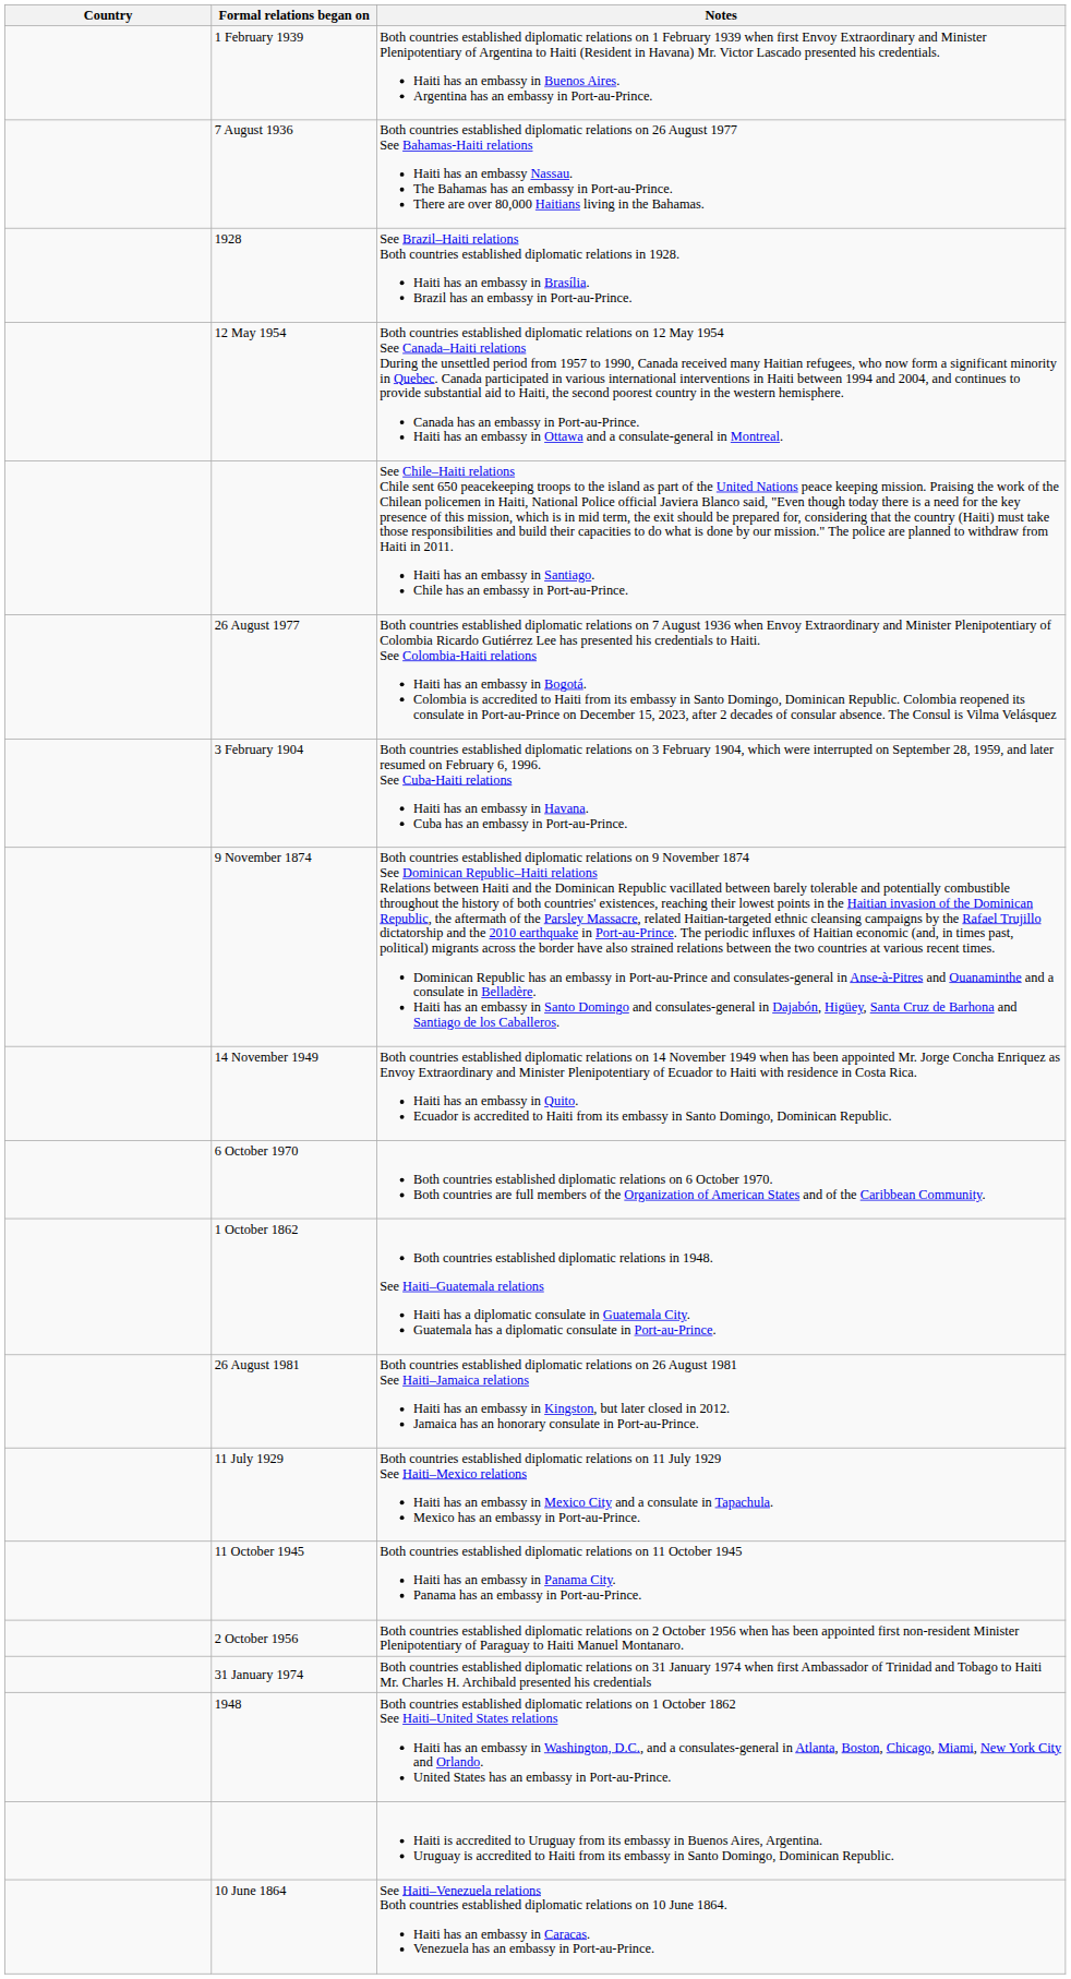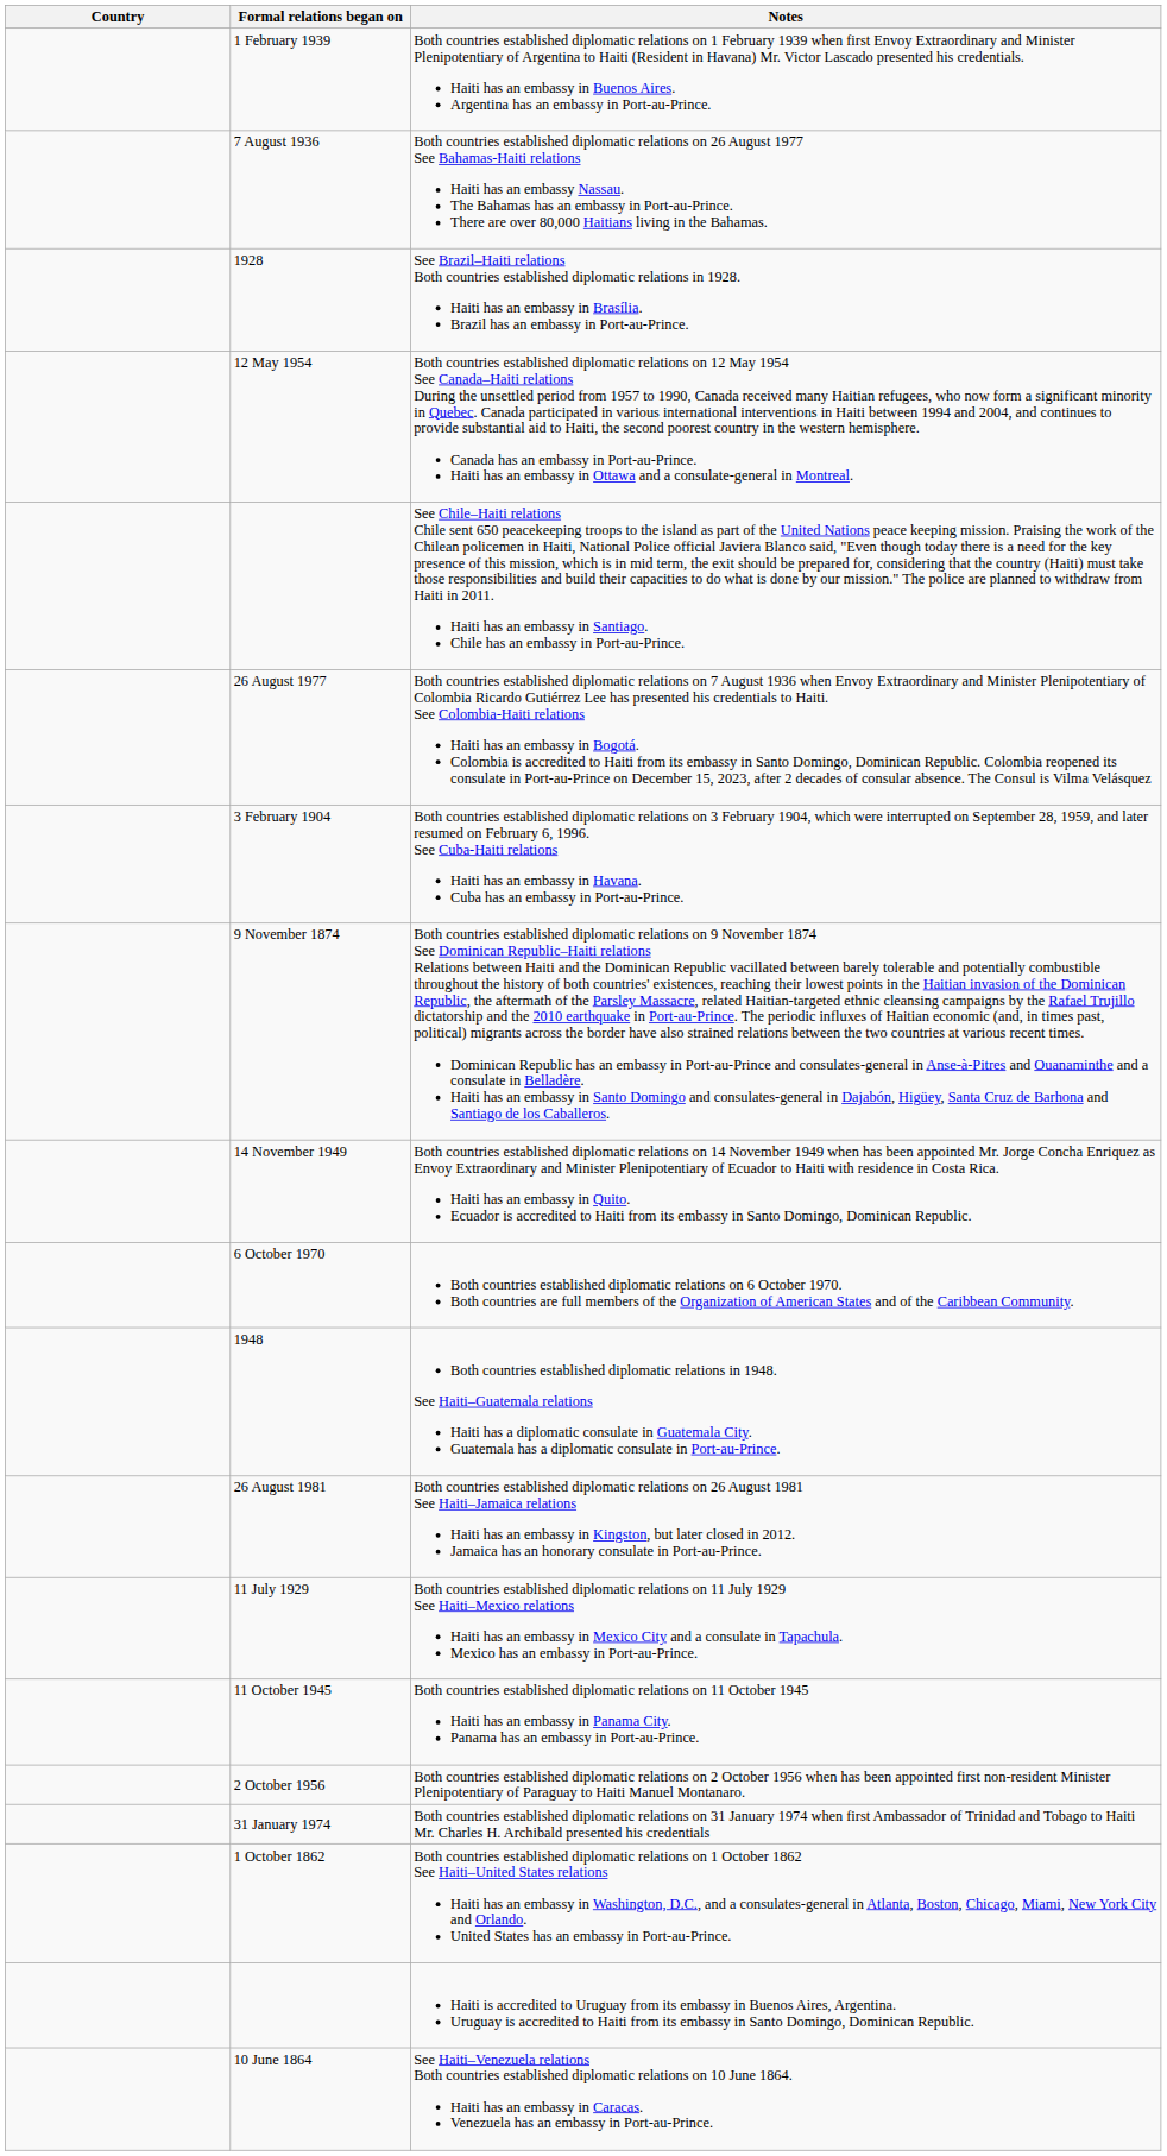 <table class="wikitable sortable" style="width:100%; margin:auto;">
 <tr>
 <th style="width:15%;">Country</th>
 <th style="width:12%;">Formal relations began on</th>
 <th style="width:50%;">Notes</th>
 </tr>
 <tr valign="top">
 <td></td>
 <td>1 February 1939</td>
 <td>Both countries established diplomatic relations on 1 February 1939 when first Envoy Extraordinary and Minister Plenipotentiary of Argentina to Haiti (Resident in Havana) Mr. Victor Lascado presented his credentials.<br><ul><li>Haiti has an embassy in <a href='#'>Buenos Aires</a>.</li><li>Argentina has an embassy in Port-au-Prince.</li></ul></td>
 </tr>
 <tr valign="top">
 <td></td>
 <td>7 August 1936</td>
 <td>Both countries established diplomatic relations on 26 August 1977<br>See <a href='#'>Bahamas-Haiti relations</a><ul><li>Haiti has an embassy <a href='#'>Nassau</a>.</li><li>The Bahamas has an embassy in Port-au-Prince.</li><li>There are over 80,000 <a href='#'>Haitians</a> living in the Bahamas.</li></ul></td>
 </tr>
 <tr valign="top">
 <td></td>
 <td>1928</td>
 <td>See <a href='#'>Brazil–Haiti relations</a><br>Both countries established diplomatic relations in 1928.<ul><li>Haiti has an embassy in <a href='#'>Brasília</a>.</li><li>Brazil has an embassy in Port-au-Prince.</li></ul></td>
 </tr>
 <tr valign="top">
 <td></td>
 <td>12 May 1954</td>
 <td>Both countries established diplomatic relations on 12 May 1954<br>See <a href='#'>Canada–Haiti relations</a><br>During the unsettled period from 1957 to 1990, Canada received many Haitian refugees, who now form a significant minority in <a href='#'>Quebec</a>. Canada participated in various international interventions in Haiti between 1994 and 2004, and continues to provide substantial aid to Haiti, the second poorest country in the western hemisphere.<ul><li>Canada has an embassy in Port-au-Prince.</li><li>Haiti has an embassy in <a href='#'>Ottawa</a> and a consulate-general in <a href='#'>Montreal</a>.</li></ul></td>
 </tr>
 <tr valign="top">
 <td></td>
 <td></td>
 <td>See <a href='#'>Chile–Haiti relations</a><br>Chile sent 650 peacekeeping troops to the island as part of the <a href='#'>United Nations</a> peace keeping mission. Praising the work of the Chilean policemen in Haiti, National Police official Javiera Blanco said, "Even though today there is a need for the key presence of this mission, which is in mid term, the exit should be prepared for, considering that the country (Haiti) must take those responsibilities and build their capacities to do what is done by our mission." The police are planned to withdraw from Haiti in 2011.<ul><li>Haiti has an embassy in <a href='#'>Santiago</a>.</li><li>Chile has an embassy in Port-au-Prince.</li></ul></td>
 </tr>
 <tr valign="top">
 <td></td>
 <td>26 August 1977</td>
 <td>Both countries established diplomatic relations on 7 August 1936 when Envoy Extraordinary and Minister Plenipotentiary of Colombia Ricardo Gutiérrez Lee has presented his credentials to Haiti.<br>See <a href='#'>Colombia-Haiti relations</a><ul><li>Haiti has an embassy in <a href='#'>Bogotá</a>.</li><li>Colombia is accredited to Haiti from its embassy in Santo Domingo, Dominican Republic. Colombia reopened its consulate in Port-au-Prince on December 15, 2023, after 2 decades of consular absence. The Consul is Vilma Velásquez</li></ul></td>
 </tr>
 <tr valign="top">
 <td></td>
 <td>3 February 1904</td>
 <td>Both countries established diplomatic relations on 3 February 1904, which were interrupted on September 28, 1959, and later resumed on February 6, 1996.<br>See <a href='#'>Cuba-Haiti relations</a><ul><li>Haiti has an embassy in <a href='#'>Havana</a>.</li><li>Cuba has an embassy in Port-au-Prince.</li></ul></td>
 </tr>
 <tr valign="top">
 <td></td>
 <td>9 November 1874</td>
 <td>Both countries established diplomatic relations on 9 November 1874<br>See <a href='#'>Dominican Republic–Haiti relations</a><br>Relations between Haiti and the Dominican Republic vacillated between barely tolerable and potentially combustible throughout the history of both countries' existences, reaching their lowest points in the <a href='#'>Haitian invasion of the Dominican Republic</a>, the aftermath of the <a href='#'>Parsley Massacre</a>, related Haitian-targeted ethnic cleansing campaigns by the <a href='#'>Rafael Trujillo</a> dictatorship and the <a href='#'>2010 earthquake</a> in <a href='#'>Port-au-Prince</a>. The periodic influxes of Haitian economic (and, in times past, political) migrants across the border have also strained relations between the two countries at various recent times.<ul><li>Dominican Republic has an embassy in Port-au-Prince and consulates-general in <a href='#'>Anse-à-Pitres</a> and <a href='#'>Ouanaminthe</a> and a consulate in <a href='#'>Belladère</a>.</li><li>Haiti has an embassy in <a href='#'>Santo Domingo</a> and consulates-general in <a href='#'>Dajabón</a>, <a href='#'>Higüey</a>, <a href='#'>Santa Cruz de Barhona</a> and <a href='#'>Santiago de los Caballeros</a>.</li></ul></td>
 </tr>
 <tr valign="top">
 <td></td>
 <td>14 November 1949</td>
 <td>Both countries established diplomatic relations on 14 November 1949 when has been appointed Mr. Jorge Concha Enriquez as Envoy Extraordinary and Minister Plenipotentiary of Ecuador to Haiti with residence in Costa Rica.<br><ul><li>Haiti has an embassy in <a href='#'>Quito</a>.</li><li>Ecuador is accredited to Haiti from its embassy in Santo Domingo, Dominican Republic.</li></ul></td>
 </tr>
 <tr valign="top">
 <td></td>
 <td>6 October 1970</td>
 <td><br><ul><li>Both countries established diplomatic relations on 6 October 1970.</li><li>Both countries are full members of the <a href='#'>Organization of American States</a> and of the <a href='#'>Caribbean Community</a>.</li></ul></td>
 </tr>
 <tr valign="top">
 <td></td>
-<td>1 October 1862</td>
+<td>1948</td>
 <td><br><ul><li>Both countries established diplomatic relations in 1948. </li></ul>See <a href='#'>Haiti–Guatemala relations</a><ul><li>Haiti has a diplomatic consulate in <a href='#'>Guatemala City</a>. </li><li>Guatemala has a diplomatic consulate in <a href='#'>Port-au-Prince</a>. </li></ul></td>
 </tr>
 <tr valign="top">
 <td></td>
 <td>26 August 1981</td>
 <td>Both countries established diplomatic relations on 26 August 1981<br>See <a href='#'>Haiti–Jamaica relations</a><ul><li>Haiti has an embassy in <a href='#'>Kingston</a>, but later closed in 2012.</li><li>Jamaica has an honorary consulate in Port-au-Prince.</li></ul></td>
 </tr>
 <tr valign="top">
 <td></td>
 <td>11 July 1929</td>
 <td>Both countries established diplomatic relations on 11 July 1929<br>See <a href='#'>Haiti–Mexico relations</a><ul><li>Haiti has an embassy in <a href='#'>Mexico City</a> and a consulate in <a href='#'>Tapachula</a>.</li><li>Mexico has an embassy in Port-au-Prince.</li></ul></td>
 </tr>
 <tr valign="top">
 <td></td>
 <td>11 October 1945</td>
 <td>Both countries established diplomatic relations on 11 October 1945<br><ul><li>Haiti has an embassy in <a href='#'>Panama City</a>.</li><li>Panama has an embassy in Port-au-Prince.</li></ul></td>
 </tr>
 <tr>
 <td></td>
 <td>2 October 1956</td>
 <td>Both countries established diplomatic relations on 2 October 1956 when has been appointed first non-resident Minister Plenipotentiary of Paraguay to Haiti Manuel Montanaro.</td>
 </tr>
 <tr>
 <td></td>
 <td>31 January 1974</td>
 <td>Both countries established diplomatic relations on 31 January 1974 when first Ambassador of Trinidad and Tobago to Haiti Mr. Charles H. Archibald presented his credentials</td>
 </tr>
 <tr valign="top">
 <td></td>
-<td>1948</td>
+<td>1 October 1862</td>
 <td>Both countries established diplomatic relations on 1 October 1862<br>See <a href='#'>Haiti–United States relations</a><ul><li>Haiti has an embassy in <a href='#'>Washington, D.C.</a>, and a consulates-general in <a href='#'>Atlanta</a>, <a href='#'>Boston</a>, <a href='#'>Chicago</a>, <a href='#'>Miami</a>, <a href='#'>New York City</a> and <a href='#'>Orlando</a>.</li><li>United States has an embassy in Port-au-Prince.</li></ul></td>
 </tr>
 <tr valign="top">
 <td></td>
 <td></td>
 <td><br><ul><li>Haiti is accredited to Uruguay from its embassy in Buenos Aires, Argentina.</li><li>Uruguay is accredited to Haiti from its embassy in Santo Domingo, Dominican Republic.</li></ul></td>
 </tr>
 <tr valign="top">
 <td></td>
 <td>10 June 1864</td>
 <td>See <a href='#'>Haiti–Venezuela relations</a><br>Both countries established diplomatic relations on 10 June 1864.<ul><li>Haiti has an embassy in <a href='#'>Caracas</a>.</li><li>Venezuela has an embassy in Port-au-Prince.</li></ul></td>
 </tr>
 </table>
